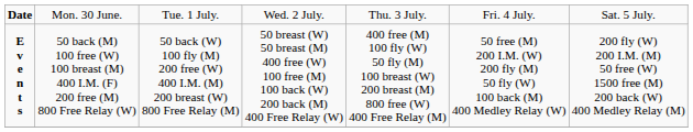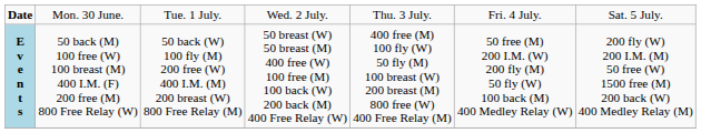 <table class=wikitable style="text-align:center">
 <tr>
 <td><strong>Date</strong></td>
 <td>Mon. 30 June.</td>
 <td>Tue. 1 July.</td>
 <td>Wed. 2 July.</td>
 <td>Thu. 3 July.</td>
 <td>Fri. 4 July.</td>
 <td>Sat. 5 July.</td>
 </tr>
 <tr>
-<td><strong>E<br>v<br>e<br>n<br>t<br>s</strong></td>
+<td style="background: lightblue;"><strong>E<br>v<br>e<br>n<br>t<br>s</strong></td>
 <td>50 back (M) <br> 100 free (W) <br> 100 breast (M) <br> 400 I.M. (F) <br> 200 free (M) <br> 800 Free Relay (W)</td>
 <td>50 back (W) <br> 100 fly (M) <br> 200 free (W) <br> 400 I.M. (M) <br> 200 breast (W) <br> 800 Free Relay (M)</td>
 <td>50 breast (W) <br> 50 breast (M) <br> 400 free (W) <br> 100 free (M) <br> 100 back (W) <br> 200 back (M) <br> 400 Free Relay (W)</td>
 <td>400 free (M) <br> 100 fly (W) <br> 50 fly (M) <br> 100 breast (W) <br> 200 breast (M) <br> 800 free (W) <br> 400 Free Relay (M)</td>
 <td>50 free (M) <br> 200 I.M. (W) <br> 200 fly (M) <br> 50 fly (W) <br> 100 back (M) <br> 400 Medley Relay (W)</td>
 <td>200 fly (W) <br> 200 I.M. (M) <br> 50 free (W) <br> 1500 free (M) <br> 200 back (W) <br> 400 Medley Relay (M)</td>
 </tr>
 <tr>
 </tr>
 </table>
